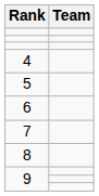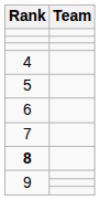 <table class=wikitable style="text-align:center">
 <tr>
 <th width=40>Rank</th>
 <th>Team</th>
 </tr>
 <tr>
 <td></td>
 <td align=left></td>
 </tr>
 <tr>
 <td></td>
 <td align=left></td>
 </tr>
 <tr>
 <td></td>
 <td align=left></td>
 </tr>
 <tr>
 <td>4</td>
 <td align=left></td>
 </tr>
 <tr>
 <td>5</td>
 <td align=left></td>
 </tr>
 <tr>
 <td>6</td>
 <td align=left></td>
 </tr>
 <tr>
 <td>7</td>
 <td align=left></td>
 </tr>
 <tr>
-<td>8</td>
+<td><strong>8</strong></td>
 <td align=left></td>
 </tr>
 <tr>
 <td rowspan=3>9</td>
 <td align=left></td>
 </tr>
 <tr>
 <td align=left></td>
 </tr>
 <tr>
 <td align=left></td>
 </tr>
 </table>
